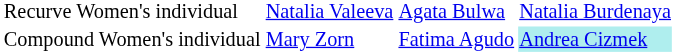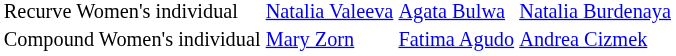 <table>
 <tr>
 <td>Recurve Women's individual<br></td>
 <td> <a href='#'>Natalia Valeeva</a></td>
 <td> <a href='#'>Agata Bulwa</a></td>
 <td> <a href='#'>Natalia Burdenaya</a></td>
 </tr>
 <tr>
 <td>Compound Women's individual<br></td>
 <td> <a href='#'>Mary Zorn</a></td>
 <td> <a href='#'>Fatima Agudo</a></td>
-<td style="background: paleturquoise;"> <a href='#'>Andrea Cizmek</a></td>
+<td> <a href='#'>Andrea Cizmek</a></td>
 </tr>
 </table>
